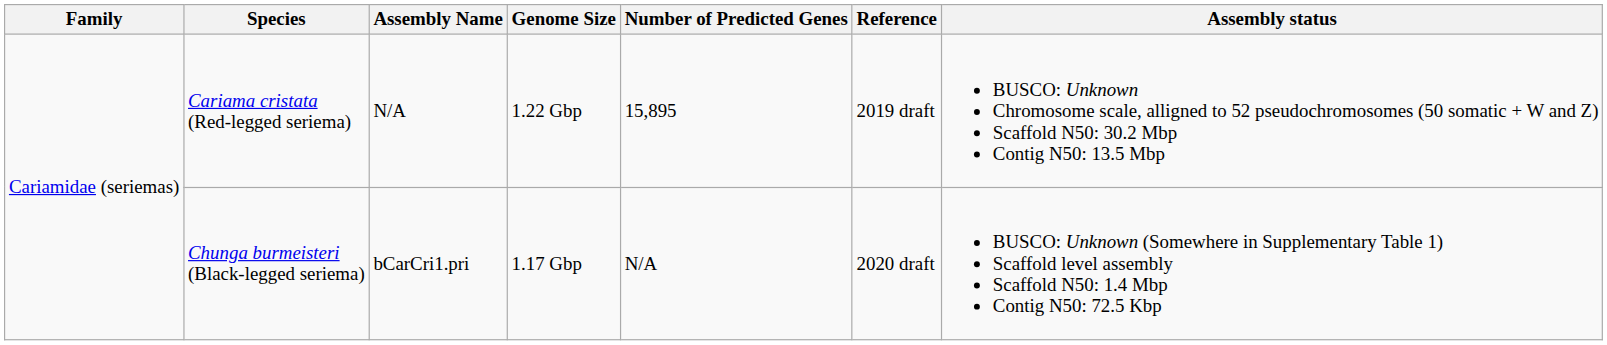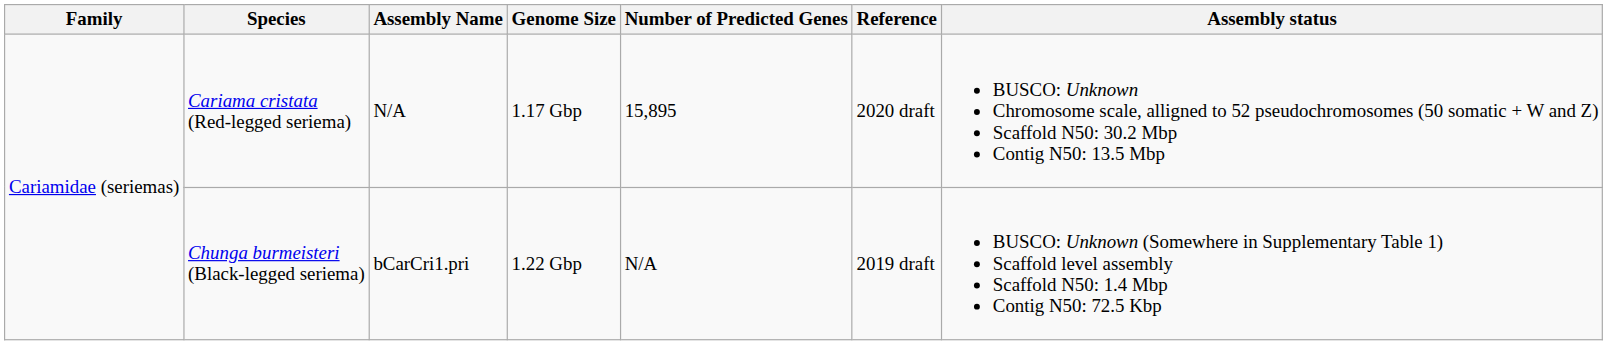 <table class="wikitable sortable">
 <tr>
 <th>Family</th>
 <th>Species</th>
 <th>Assembly Name</th>
 <th>Genome Size</th>
 <th>Number of Predicted Genes</th>
 <th>Reference</th>
 <th>Assembly status</th>
 </tr>
 <tr>
 <td rowspan="2"><a href='#'>Cariamidae</a> (seriemas)</td>
 <td><em><a href='#'>Cariama cristata</a></em><br>(Red-legged seriema)</td>
 <td>N/A</td>
-<td>1.22 Gbp</td>
+<td>1.17 Gbp</td>
 <td>15,895</td>
-<td>2019 draft</td>
+<td>2020 draft</td>
 <td><br><ul><li>BUSCO: <em>Unknown</em></li><li>Chromosome scale, alligned to 52 pseudochromosomes (50 somatic + W and Z)</li><li>Scaffold N50: 30.2 Mbp</li><li>Contig N50: 13.5 Mbp</li></ul></td>
 </tr>
 <tr>
 <td><a href='#'><em>Chunga burmeisteri</em></a><br>(Black-legged seriema)</td>
 <td>bCarCri1.pri</td>
-<td>1.17 Gbp</td>
+<td>1.22 Gbp</td>
 <td>N/A</td>
-<td>2020 draft</td>
+<td>2019 draft</td>
 <td><br><ul><li>BUSCO: <em>Unknown</em> (Somewhere in Supplementary Table 1)</li><li>Scaffold level assembly</li><li>Scaffold N50: 1.4 Mbp</li><li>Contig N50: 72.5 Kbp</li></ul></td>
 </tr>
 </table>
